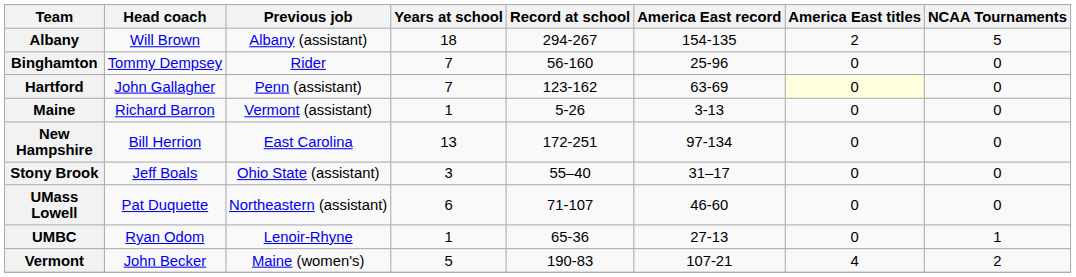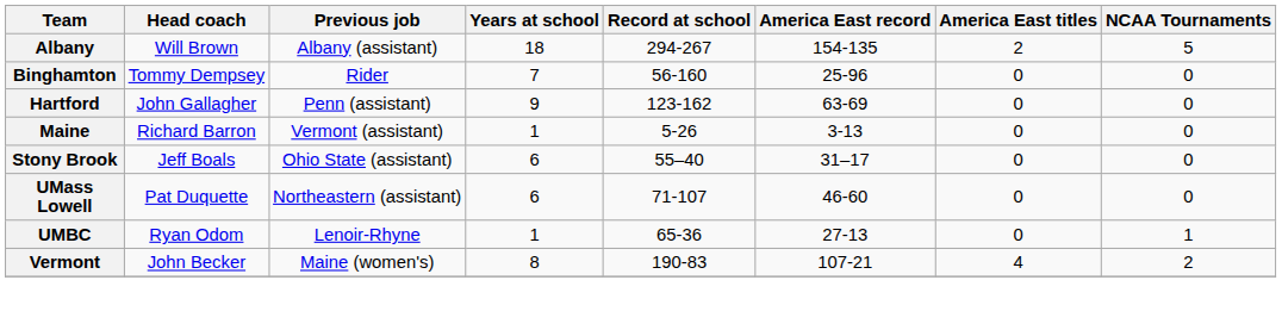 <table class="wikitable sortable" style="text-align: center;font-size:90%;">
 <tr>
 <th width="90">Team</th>
 <th>Head coach</th>
 <th>Previous job</th>
 <th>Years at school</th>
 <th>Record at school</th>
 <th>America East record</th>
 <th>America East titles</th>
 <th>NCAA Tournaments</th>
 </tr>
 <tr>
 <th style=>Albany</th>
 <td><a href='#'>Will Brown</a></td>
 <td><a href='#'>Albany</a> (assistant)</td>
 <td>18</td>
 <td>294-267</td>
 <td>154-135</td>
 <td>2</td>
 <td>5</td>
 </tr>
 <tr>
 <th>Binghamton</th>
 <td><a href='#'>Tommy Dempsey</a></td>
 <td><a href='#'>Rider</a></td>
 <td>7</td>
 <td>56-160</td>
 <td>25-96</td>
 <td>0</td>
 <td>0</td>
 </tr>
 <tr>
 <th>Hartford</th>
 <td><a href='#'>John Gallagher</a></td>
 <td><a href='#'>Penn</a> (assistant)</td>
-<td>7</td>
+<td>9</td>
 <td>123-162</td>
 <td>63-69</td>
-<td style="background: lightyellow;">0</td>
+<td>0</td>
 <td>0</td>
 </tr>
 <tr>
 <th style=>Maine</th>
 <td><a href='#'>Richard Barron</a></td>
 <td><a href='#'>Vermont</a> (assistant)</td>
 <td>1</td>
 <td>5-26</td>
 <td>3-13</td>
 <td>0</td>
 <td>0</td>
 </tr>
 <tr>
-<th>New Hampshire</th>
-<td><a href='#'>Bill Herrion</a></td>
-<td><a href='#'>East Carolina</a></td>
-<td>13</td>
-<td>172-251</td>
-<td>97-134</td>
-<td>0</td>
-<td>0</td>
-</tr>
-<tr>
 <th>Stony Brook</th>
 <td><a href='#'>Jeff Boals</a></td>
 <td><a href='#'>Ohio State</a> (assistant)</td>
-<td>3</td>
+<td>6</td>
 <td>55–40</td>
 <td>31–17</td>
 <td>0</td>
 <td>0</td>
 </tr>
 <tr>
 <th>UMass Lowell</th>
 <td><a href='#'>Pat Duquette</a></td>
 <td><a href='#'>Northeastern</a> (assistant)</td>
 <td>6</td>
 <td>71-107</td>
 <td>46-60</td>
 <td>0</td>
 <td>0</td>
 </tr>
 <tr>
 <th>UMBC</th>
 <td><a href='#'>Ryan Odom</a></td>
 <td><a href='#'>Lenoir-Rhyne</a></td>
 <td>1</td>
 <td>65-36</td>
 <td>27-13</td>
 <td>0</td>
 <td>1</td>
 </tr>
 <tr>
 <th>Vermont</th>
 <td><a href='#'>John Becker</a></td>
 <td><a href='#'>Maine</a> (women's)</td>
-<td>5</td>
+<td>8</td>
 <td>190-83</td>
 <td>107-21</td>
 <td>4</td>
 <td>2</td>
 </tr>
 <tr>
 </tr>
 </table>
